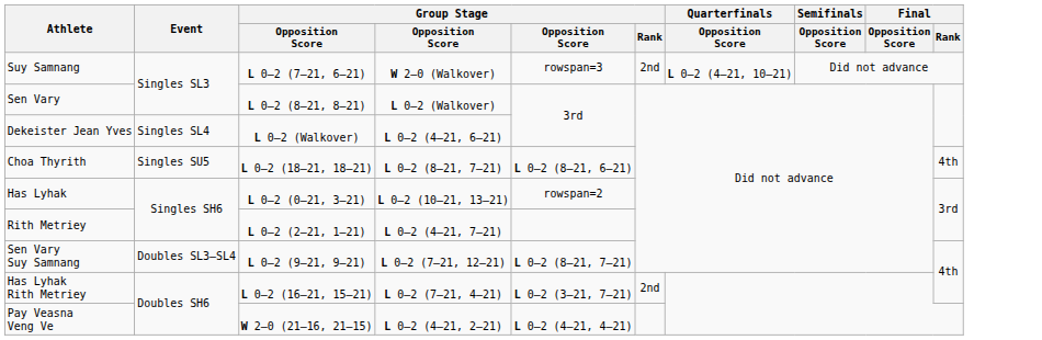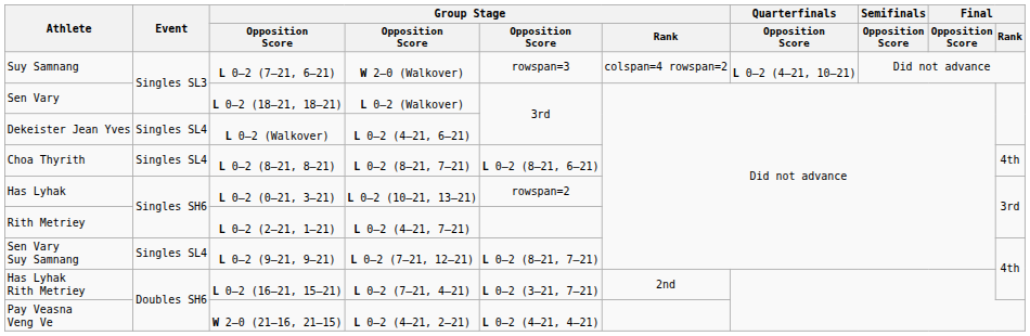 <table class="wikitable" style="font-size:90%">
 <tr>
 <th rowspan=2>Athlete</th>
 <th rowspan=2>Event</th>
 <th colspan=4>Group Stage</th>
 <th>Quarterfinals</th>
 <th>Semifinals</th>
 <th colspan=2>Final</th>
 </tr>
 <tr style="font-size:95%">
 <th>Opposition<br>Score</th>
 <th>Opposition<br>Score</th>
 <th>Opposition<br>Score</th>
 <th>Rank</th>
 <th>Opposition<br>Score</th>
 <th>Opposition<br>Score</th>
 <th>Opposition<br>Score</th>
 <th>Rank</th>
 </tr>
 <tr style="text-align:center">
 <td style="text-align:left">Suy Samnang</td>
 <td style="text-align:left" rowspan=2>Singles SL3</td>
 <td><br><strong>L</strong> 0–2 (7–21, 6–21)</td>
 <td><br><strong>W</strong> 2–0 (Walkover)</td>
 <td>rowspan=3 </td>
-<td>2nd</td>
+<td>colspan=4 rowspan=2 </td>
 <td><br><strong>L</strong> 0–2 (4–21, 10–21)</td>
 <td colspan=3>Did not advance</td>
 </tr>
 <tr style="text-align:center">
 <td style="text-align:left">Sen Vary</td>
-<td><br><strong>L</strong> 0–2 (8–21, 8–21)</td>
+<td><br><strong>L</strong> 0–2 (18–21, 18–21)</td>
 <td><br><strong>L</strong> 0–2 (Walkover)</td>
 <td rowspan=2>3rd</td>
 <td rowspan=6 colspan=4>Did not advance</td>
 </tr>
 <tr style="text-align:center">
 <td style="text-align:left">Dekeister Jean Yves</td>
 <td style="text-align:left">Singles SL4</td>
 <td><br><strong>L</strong> 0–2 (Walkover)</td>
 <td><br><strong>L</strong> 0–2 (4–21, 6–21)</td>
 </tr>
 <tr style="text-align:center">
 <td style="text-align:left">Choa Thyrith</td>
-<td style="text-align:left">Singles SU5</td>
-<td><br><strong>L</strong> 0–2 (18–21, 18–21)</td>
+<td style="text-align:left">Singles SL4</td>
+<td><br><strong>L</strong> 0–2 (8–21, 8–21)</td>
 <td><br><strong>L</strong> 0–2 (8–21, 7–21)</td>
 <td><br><strong>L</strong> 0–2 (8–21, 6–21)</td>
 <td>4th</td>
 </tr>
 <tr style="text-align:center">
 <td style="text-align:left">Has Lyhak</td>
 <td align-left rowspan=2>Singles SH6</td>
 <td><br><strong>L</strong> 0–2 (0–21, 3–21)</td>
 <td><br><strong>L</strong> 0–2 (10–21, 13–21)</td>
 <td>rowspan=2 </td>
 <td rowspan=2>3rd</td>
 </tr>
 <tr style="text-align:center">
 <td style="text-align:left">Rith Metriey</td>
 <td><br><strong>L</strong> 0–2 (2–21, 1–21)</td>
 <td><br><strong>L</strong> 0–2 (4–21, 7–21)</td>
 </tr>
 <tr style="text-align:center">
 <td style="text-align:left">Sen Vary<br>Suy Samnang</td>
-<td style="text-align:left">Doubles SL3–SL4</td>
+<td style="text-align:left">Singles SL4</td>
 <td><br><strong>L</strong> 0–2 (9–21, 9–21)</td>
 <td><br><strong>L</strong> 0–2 (7–21, 12–21)</td>
 <td><br><strong>L</strong> 0–2 (8–21, 7–21)</td>
 <td rowspan=2>4th</td>
 </tr>
 <tr style="text-align:center">
 <td style="text-align:left">Has Lyhak<br>Rith Metriey</td>
 <td style="text-align:left" rowspan=2>Doubles SH6</td>
 <td><br><strong>L</strong> 0–2 (16–21, 15–21)</td>
 <td><br><strong>L</strong> 0–2 (7–21, 4–21)</td>
 <td><br><strong>L</strong> 0–2 (3–21, 7–21)</td>
 <td>2nd</td>
 </tr>
 <tr style="text-align:center">
 <td style="text-align:left">Pay Veasna<br>Veng Ve</td>
 <td><br><strong>W</strong> 2–0 (21–16, 21–15)</td>
 <td><br><strong>L</strong> 0–2 (4–21, 2–21)</td>
 <td><br><strong>L</strong> 0–2 (4–21, 4–21)</td>
 <td></td>
 </tr>
 </table>
